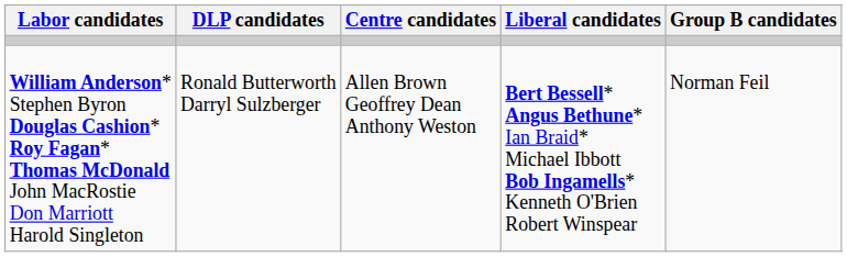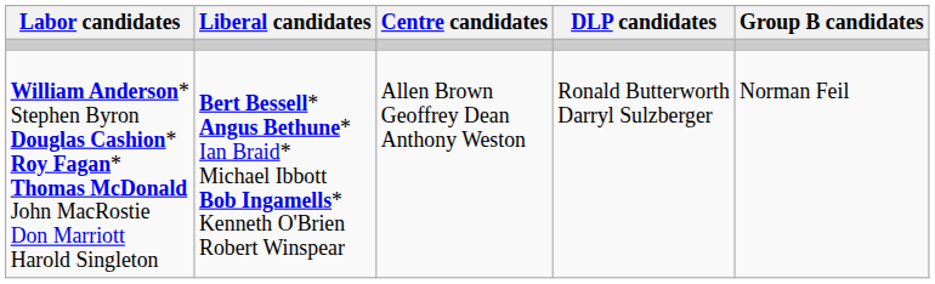 <table class="wikitable">
 <tr>
 <th><a href='#'>Labor</a> candidates</th>
+<th><a href='#'>Liberal</a> candidates</th>
+<th><a href='#'>Centre</a> candidates</th>
 <th><a href='#'>DLP</a> candidates</th>
-<th><a href='#'>Centre</a> candidates</th>
-<th><a href='#'>Liberal</a> candidates</th>
 <th>Group B candidates</th>
 </tr>
 <tr bgcolor="#cccccc">
 <td></td>
 <td></td>
 <td></td>
 <td></td>
 <td></td>
 </tr>
 <tr>
 <td><br><strong><a href='#'>William Anderson</a></strong>*<br> Stephen Byron<br> <strong><a href='#'>Douglas Cashion</a></strong>*<br> <strong><a href='#'>Roy Fagan</a></strong>*<br> <strong><a href='#'>Thomas McDonald</a></strong><br> John MacRostie<br> <a href='#'>Don Marriott</a><br> Harold Singleton</td>
+<td><br><strong><a href='#'>Bert Bessell</a></strong>*<br> <strong><a href='#'>Angus Bethune</a></strong>*<br> <a href='#'>Ian Braid</a>*<br> Michael Ibbott<br> <strong><a href='#'>Bob Ingamells</a></strong>*<br> Kenneth O'Brien<br> Robert Winspear</td>
+<td valign=top><br>Allen Brown<br> Geoffrey Dean<br> Anthony Weston</td>
 <td valign=top><br>Ronald Butterworth<br> Darryl Sulzberger</td>
-<td valign=top><br>Allen Brown<br> Geoffrey Dean<br> Anthony Weston</td>
-<td><br><strong><a href='#'>Bert Bessell</a></strong>*<br> <strong><a href='#'>Angus Bethune</a></strong>*<br> <a href='#'>Ian Braid</a>*<br> Michael Ibbott<br> <strong><a href='#'>Bob Ingamells</a></strong>*<br> Kenneth O'Brien<br> Robert Winspear</td>
 <td valign=top><br>Norman Feil</td>
 </tr>
 </table>
